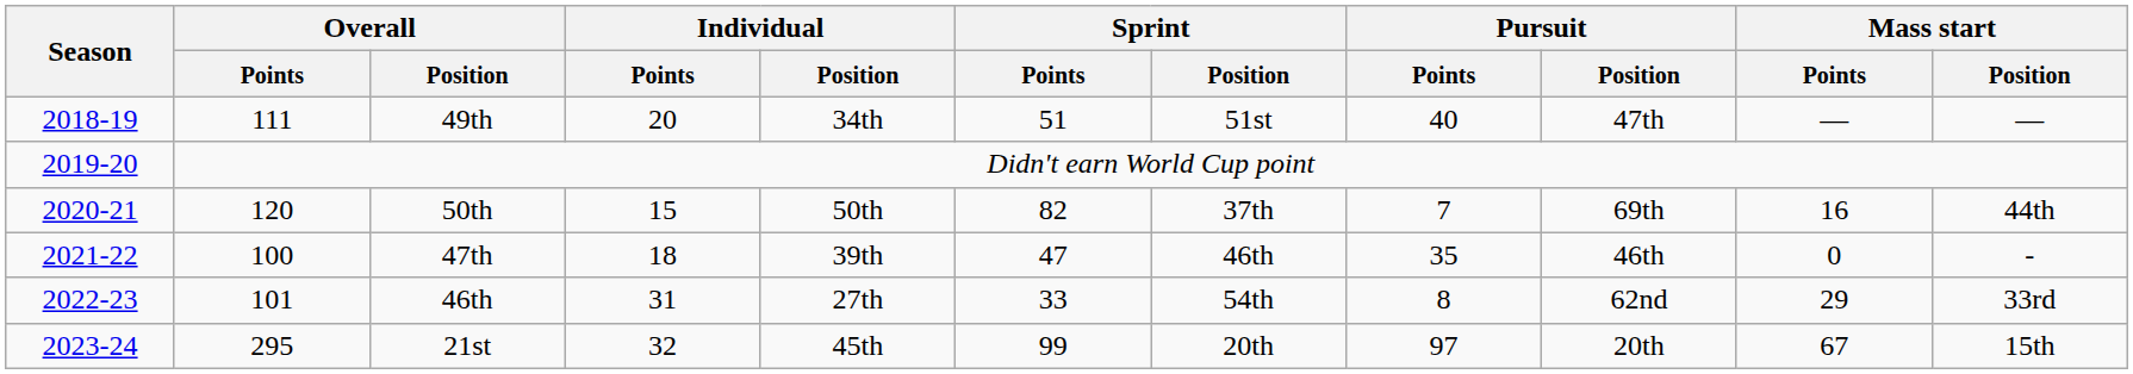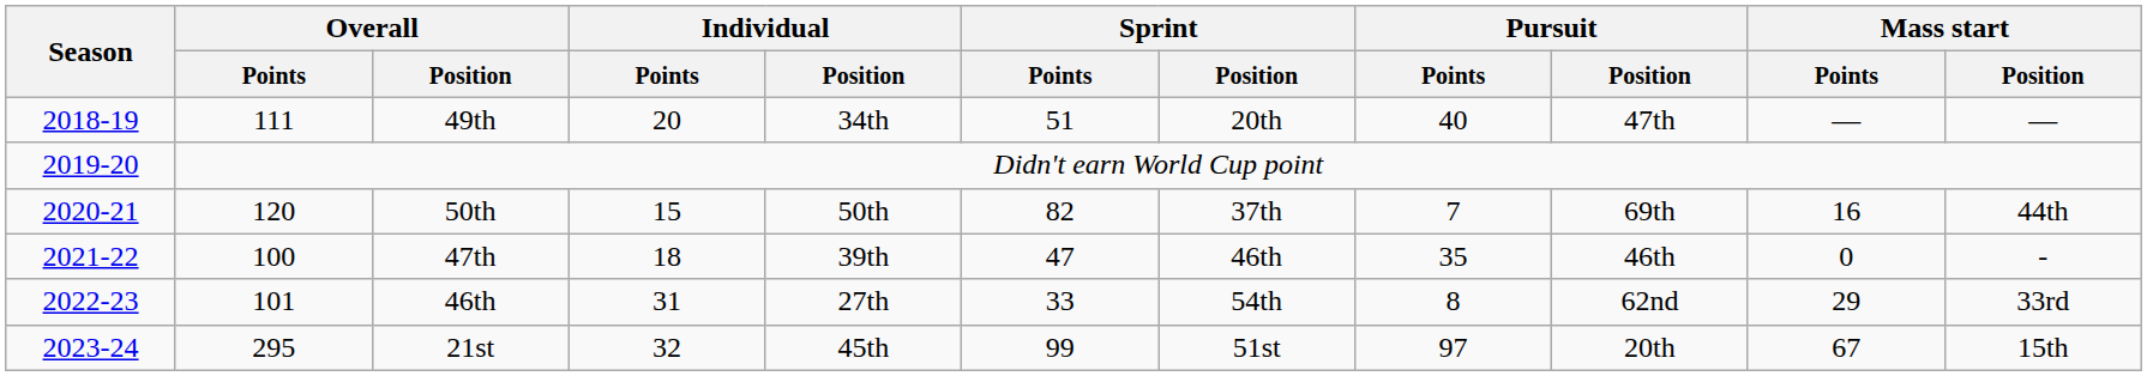 <table class="wikitable" style="text-align:center;" width="75%">
 <tr class="hintergrundfarbe5">
 <th rowspan="2" style="width:4%;">Season</th>
 <th colspan="2">Overall</th>
 <th colspan="2">Individual</th>
 <th colspan="2">Sprint</th>
 <th colspan="2">Pursuit</th>
 <th colspan="2">Mass start</th>
 </tr>
 <tr class="hintergrundfarbe5">
 <th style="width:5%;"><small>Points</small></th>
 <th style="width:5%;"><small>Position</small></th>
 <th style="width:5%;"><small>Points</small></th>
 <th style="width:5%;"><small>Position</small></th>
 <th style="width:5%;"><small>Points</small></th>
 <th style="width:5%;"><small>Position</small></th>
 <th style="width:5%;"><small>Points</small></th>
 <th style="width:5%;"><small>Position</small></th>
 <th style="width:5%;"><small>Points</small></th>
 <th style="width:5%;"><small>Position</small></th>
 </tr>
 <tr>
 <td><a href='#'>2018-19</a></td>
 <td>111</td>
 <td>49th</td>
 <td>20</td>
 <td>34th</td>
 <td>51</td>
-<td>51st</td>
+<td>20th</td>
 <td>40</td>
 <td>47th</td>
 <td>—</td>
 <td>—</td>
 </tr>
 <tr>
 <td><a href='#'>2019-20</a></td>
 <td colspan=10 align=center><em>Didn't earn World Cup point</em></td>
 </tr>
 <tr>
 <td><a href='#'>2020-21</a></td>
 <td>120</td>
 <td>50th</td>
 <td>15</td>
 <td>50th</td>
 <td>82</td>
 <td>37th</td>
 <td>7</td>
 <td>69th</td>
 <td>16</td>
 <td>44th</td>
 </tr>
 <tr>
 <td><a href='#'>2021-22</a></td>
 <td>100</td>
 <td>47th</td>
 <td>18</td>
 <td>39th</td>
 <td>47</td>
 <td>46th</td>
 <td>35</td>
 <td>46th</td>
 <td>0</td>
 <td>-</td>
 </tr>
 <tr>
 <td><a href='#'>2022-23</a></td>
 <td>101</td>
 <td>46th</td>
 <td>31</td>
 <td>27th</td>
 <td>33</td>
 <td>54th</td>
 <td>8</td>
 <td>62nd</td>
 <td>29</td>
 <td>33rd</td>
 </tr>
 <tr>
 <td><a href='#'>2023-24</a></td>
 <td>295</td>
 <td>21st</td>
 <td>32</td>
 <td>45th</td>
 <td>99</td>
-<td>20th</td>
+<td>51st</td>
 <td>97</td>
 <td>20th</td>
 <td>67</td>
 <td>15th</td>
 </tr>
 </table>
